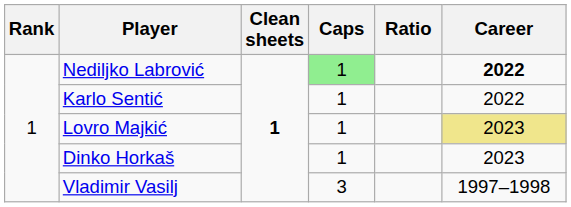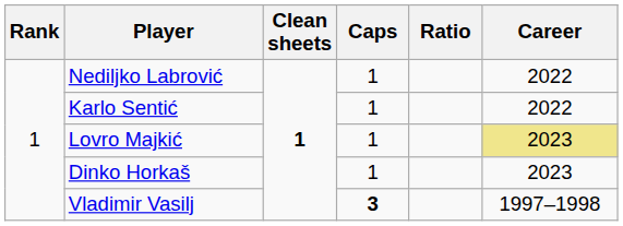 <table class="wikitable sortable" style="text-align: center;">
 <tr>
 <th width=30px>Rank</th>
 <th class="unsortable" width=150px>Player</th>
 <th width=50px>Clean sheets</th>
 <th width=50px>Caps</th>
 <th width=50px>Ratio</th>
 <th class="unsortable" width=100px>Career</th>
 </tr>
 <tr>
 <td rowspan=5>1</td>
 <td align="left"><a href='#'>Nediljko Labrović</a></td>
 <td rowspan=5><strong>1</strong></td>
-<td style="background: lightgreen;">1</td>
+<td>1</td>
 <td></td>
-<td><strong>2022</strong></td>
+<td>2022</td>
 </tr>
 <tr>
 <td align=left><a href='#'>Karlo Sentić</a></td>
 <td>1</td>
 <td></td>
 <td>2022</td>
 </tr>
 <tr>
 <td align=left><a href='#'>Lovro Majkić</a></td>
 <td>1</td>
 <td></td>
 <td style="background: khaki;">2023</td>
 </tr>
 <tr>
 <td align=left><a href='#'>Dinko Horkaš</a></td>
 <td>1</td>
 <td></td>
 <td>2023</td>
 </tr>
 <tr>
 <td align=left><a href='#'>Vladimir Vasilj</a></td>
-<td>3</td>
+<td><strong>3</strong></td>
 <td></td>
 <td>1997–1998</td>
 </tr>
 </table>
